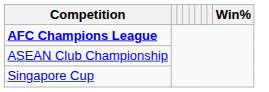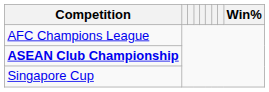 <table class="wikitable collapsible collapsed">
 <tr>
 <th>Competition</th>
 <th></th>
 <th></th>
 <th></th>
 <th></th>
 <th></th>
 <th></th>
 <th></th>
 <th>Win%</th>
 </tr>
 <tr>
-<td align=left><strong><a href='#'>AFC Champions League</a><br></strong></td>
+<td align=left><a href='#'>AFC Champions League</a><br></td>
 </tr>
 <tr>
-<td align=left><a href='#'>ASEAN Club Championship</a><br></td>
+<td align=left><strong><a href='#'>ASEAN Club Championship</a><br></strong></td>
 </tr>
 <tr>
 <td align=left><a href='#'>Singapore Cup</a><br></td>
 </tr>
 </table>
